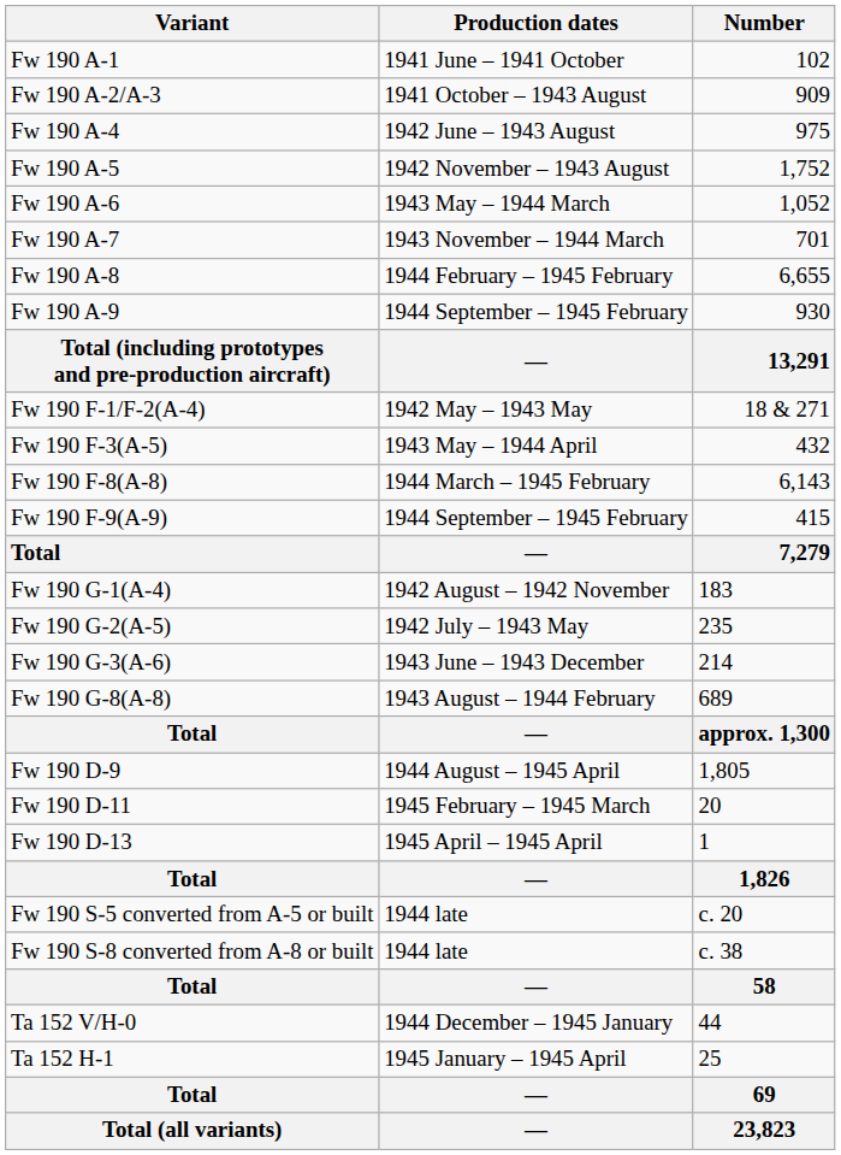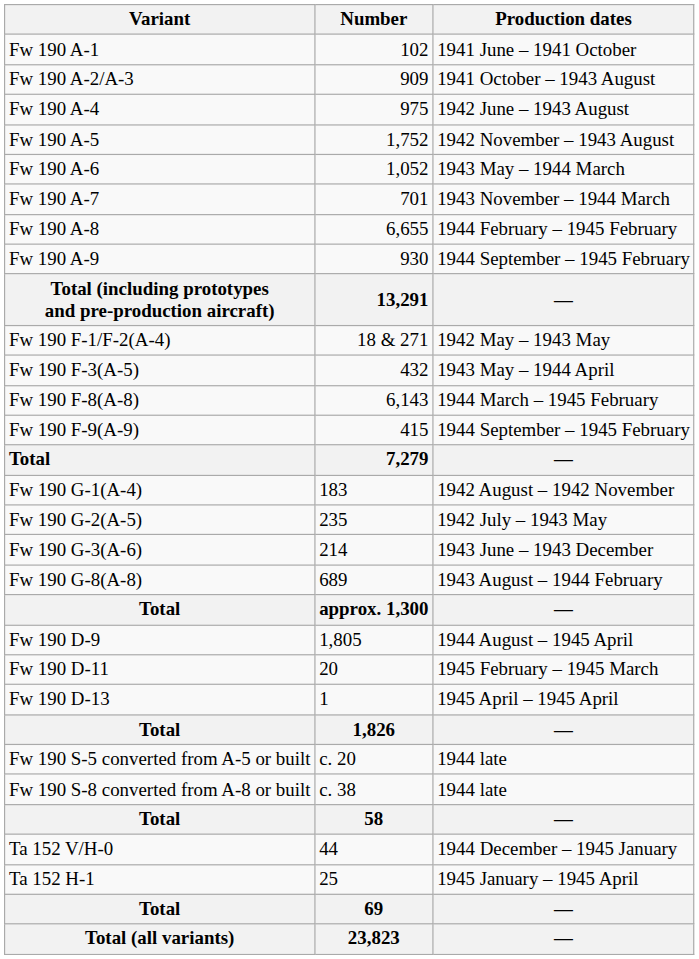 <table class="wikitable">
 <tr>
 <th>Variant</th>
+<th>Number</th>
 <th>Production dates</th>
-<th>Number</th>
 </tr>
 <tr>
 <td>Fw 190 A-1</td>
+<td style="text-align:right">102</td>
 <td>1941 June – 1941 October</td>
-<td style="text-align:right">102</td>
 </tr>
 <tr>
 <td>Fw 190 A-2/A-3</td>
+<td style="text-align:right">909</td>
 <td>1941 October – 1943 August</td>
-<td style="text-align:right">909</td>
 </tr>
 <tr>
 <td>Fw 190 A-4</td>
+<td style="text-align:right">975</td>
 <td>1942 June – 1943 August</td>
-<td style="text-align:right">975</td>
 </tr>
 <tr>
 <td>Fw 190 A-5</td>
+<td style="text-align:right">1,752</td>
 <td>1942 November – 1943 August</td>
-<td style="text-align:right">1,752</td>
 </tr>
 <tr>
 <td>Fw 190 A-6</td>
+<td style="text-align:right">1,052</td>
 <td>1943 May – 1944 March</td>
-<td style="text-align:right">1,052</td>
 </tr>
 <tr>
 <td>Fw 190 A-7</td>
+<td style="text-align:right">701</td>
 <td>1943 November – 1944 March</td>
-<td style="text-align:right">701</td>
 </tr>
 <tr>
 <td>Fw 190 A-8</td>
+<td style="text-align:right">6,655</td>
 <td>1944 February – 1945 February</td>
-<td style="text-align:right">6,655</td>
 </tr>
 <tr>
 <td>Fw 190 A-9</td>
+<td style="text-align:right">930</td>
 <td>1944 September – 1945 February</td>
-<td style="text-align:right">930</td>
 </tr>
 <tr>
 <th>Total (including prototypes<br> and pre-production aircraft)</th>
+<th style="text-align:right">13,291</th>
 <th>—</th>
-<th style="text-align:right">13,291</th>
 </tr>
 <tr>
 <td>Fw 190 F-1/F-2(A-4)</td>
+<td style="text-align:right">18 & 271</td>
 <td>1942 May – 1943 May</td>
-<td style="text-align:right">18 & 271</td>
 </tr>
 <tr>
 <td>Fw 190 F-3(A-5)</td>
+<td style="text-align:right">432</td>
 <td>1943 May – 1944 April</td>
-<td style="text-align:right">432</td>
 </tr>
 <tr>
 <td>Fw 190 F-8(A-8)</td>
+<td style="text-align:right">6,143</td>
 <td>1944 March – 1945 February</td>
-<td style="text-align:right">6,143</td>
 </tr>
 <tr>
 <td>Fw 190 F-9(A-9)</td>
+<td style="text-align:right">415</td>
 <td>1944 September – 1945 February</td>
-<td style="text-align:right">415</td>
 </tr>
 <tr>
 <th style="text-align:left">Total</th>
+<th style="text-align:right">7,279</th>
 <th>—</th>
-<th style="text-align:right">7,279</th>
 </tr>
 <tr>
 <td>Fw 190 G-1(A-4)</td>
+<td>183</td>
 <td>1942 August – 1942 November</td>
-<td>183</td>
 </tr>
 <tr>
 <td>Fw 190 G-2(A-5)</td>
+<td>235</td>
 <td>1942 July – 1943 May</td>
-<td>235</td>
 </tr>
 <tr>
 <td>Fw 190 G-3(A-6)</td>
+<td>214</td>
 <td>1943 June – 1943 December</td>
-<td>214</td>
 </tr>
 <tr>
 <td>Fw 190 G-8(A-8)</td>
+<td>689</td>
 <td>1943 August – 1944 February</td>
-<td>689</td>
 </tr>
 <tr>
 <th>Total</th>
+<th>approx. 1,300</th>
 <th>—</th>
-<th>approx. 1,300</th>
 </tr>
 <tr>
 <td>Fw 190 D-9</td>
+<td>1,805</td>
 <td>1944 August – 1945 April</td>
-<td>1,805</td>
 </tr>
 <tr>
 <td>Fw 190 D-11</td>
+<td>20</td>
 <td>1945 February – 1945 March</td>
-<td>20</td>
 </tr>
 <tr>
 <td>Fw 190 D-13</td>
+<td>1</td>
 <td>1945 April – 1945 April</td>
-<td>1</td>
 </tr>
 <tr>
 <th>Total</th>
+<th>1,826</th>
 <th>—</th>
-<th>1,826</th>
 </tr>
 <tr>
 <td>Fw 190 S-5 converted from A-5 or built</td>
+<td>c. 20</td>
 <td>1944 late</td>
-<td>c. 20</td>
 </tr>
 <tr>
 <td>Fw 190 S-8 converted from A-8 or built</td>
+<td>c. 38</td>
 <td>1944 late</td>
-<td>c. 38</td>
 </tr>
 <tr>
 <th>Total</th>
+<th>58</th>
 <th>—</th>
-<th>58</th>
 </tr>
 <tr>
 <td>Ta 152 V/H-0</td>
+<td>44</td>
 <td>1944 December – 1945 January</td>
-<td>44</td>
 </tr>
 <tr>
 <td>Ta 152 H-1</td>
+<td>25</td>
 <td>1945 January – 1945 April</td>
-<td>25</td>
 </tr>
 <tr>
 <th>Total</th>
+<th>69</th>
 <th>—</th>
-<th>69</th>
 </tr>
 <tr>
 <th>Total (all variants)</th>
+<th>23,823</th>
 <th>—</th>
-<th>23,823</th>
 </tr>
 </table>
